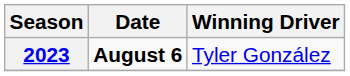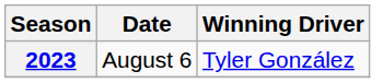 <table class="wikitable" style="font-size: 95%;">
 <tr>
 <th>Season</th>
 <th>Date</th>
 <th>Winning Driver</th>
 </tr>
 <tr>
 <th><a href='#'>2023</a></th>
-<td><strong>August 6</strong></td>
+<td>August 6</td>
 <td> <a href='#'>Tyler González</a></td>
 </tr>
 <tr>
 </tr>
 </table>
